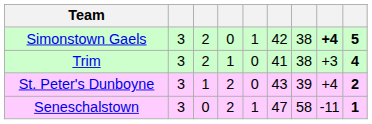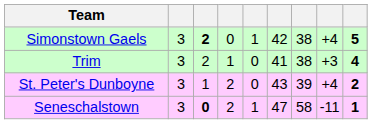 <table class="wikitable" style="text-align:center">
 <tr>
 <th style="width:175px;">Team</th>
 <th width="20"></th>
 <th width="20"></th>
 <th width="20"></th>
 <th width="20"></th>
 <th width="20"></th>
 <th width="20"></th>
 <th width="20"></th>
 <th width="20"></th>
 </tr>
 <tr style="background:#cfc;">
 <td><a href='#'>Simonstown Gaels</a></td>
 <td>3</td>
-<td>2</td>
+<td><strong>2</strong></td>
 <td>0</td>
 <td>1</td>
 <td>42</td>
 <td>38</td>
-<td><strong>+4</strong></td>
+<td>+4</td>
 <td><strong>5</strong></td>
 </tr>
 <tr style="background:#cfc;">
 <td><a href='#'>Trim</a></td>
 <td>3</td>
 <td>2</td>
 <td>1</td>
 <td>0</td>
 <td>41</td>
 <td>38</td>
 <td>+3</td>
 <td><strong>4</strong></td>
 </tr>
 <tr style="background:#fcf;">
 <td><a href='#'>St. Peter's Dunboyne</a></td>
 <td>3</td>
 <td>1</td>
 <td>2</td>
 <td>0</td>
 <td>43</td>
 <td>39</td>
 <td>+4</td>
 <td><strong>2</strong></td>
 </tr>
 <tr style="background:#fcf;">
 <td><a href='#'>Seneschalstown</a></td>
 <td>3</td>
-<td>0</td>
+<td><strong>0</strong></td>
 <td>2</td>
 <td>1</td>
 <td>47</td>
 <td>58</td>
 <td>-11</td>
 <td><strong>1</strong></td>
 </tr>
 </table>
